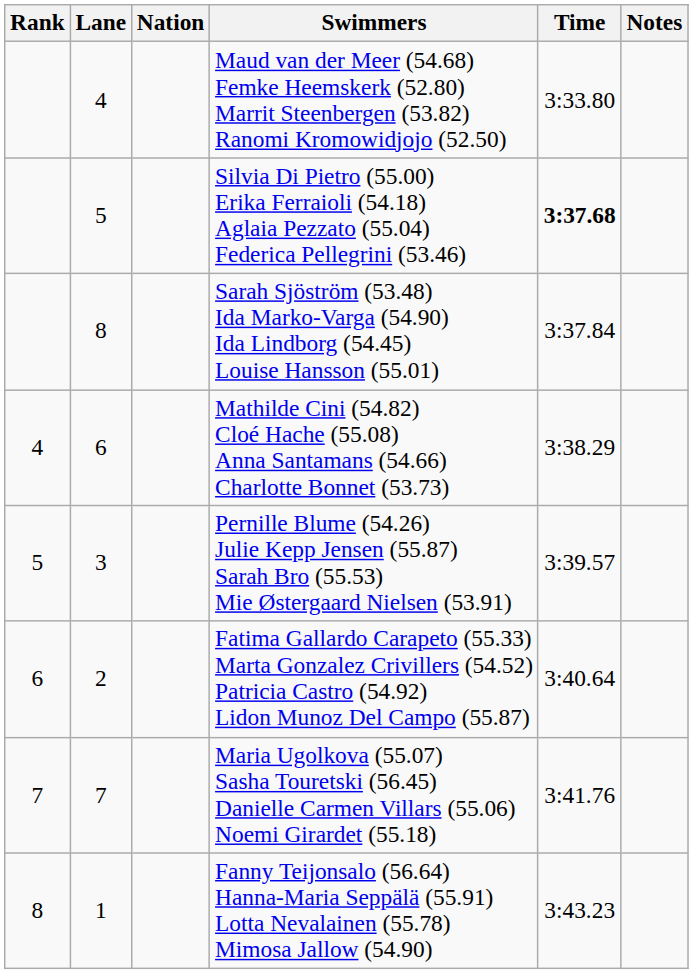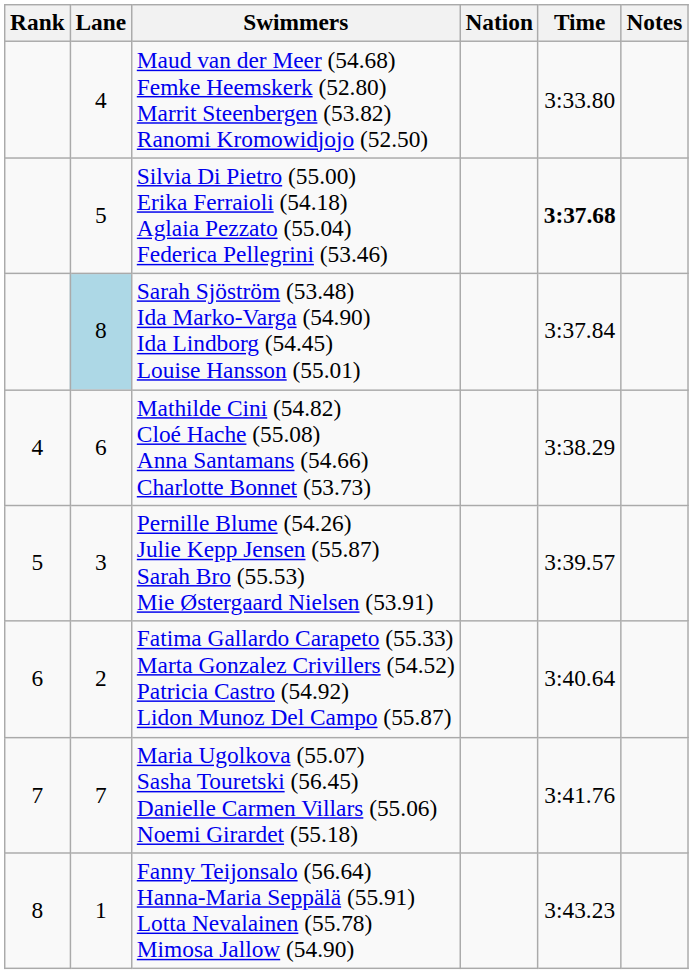 <table class="wikitable sortable" style="text-align:center">
 <tr>
 <th>Rank</th>
 <th>Lane</th>
+<th>Swimmers</th>
 <th>Nation</th>
-<th>Swimmers</th>
 <th>Time</th>
 <th>Notes</th>
 </tr>
 <tr>
 <td></td>
 <td>4</td>
+<td align=left><a href='#'>Maud van der Meer</a> (54.68)<br><a href='#'>Femke Heemskerk</a> (52.80)<br><a href='#'>Marrit Steenbergen</a> (53.82)<br><a href='#'>Ranomi Kromowidjojo</a> (52.50)</td>
 <td align=left></td>
-<td align=left><a href='#'>Maud van der Meer</a> (54.68)<br><a href='#'>Femke Heemskerk</a> (52.80)<br><a href='#'>Marrit Steenbergen</a> (53.82)<br><a href='#'>Ranomi Kromowidjojo</a> (52.50)</td>
 <td>3:33.80</td>
 <td></td>
 </tr>
 <tr>
 <td></td>
 <td>5</td>
+<td align=left><a href='#'>Silvia Di Pietro</a> (55.00)<br><a href='#'>Erika Ferraioli</a> (54.18)<br><a href='#'>Aglaia Pezzato</a> (55.04)<br><a href='#'>Federica Pellegrini</a> (53.46)</td>
 <td align=left></td>
-<td align=left><a href='#'>Silvia Di Pietro</a> (55.00)<br><a href='#'>Erika Ferraioli</a> (54.18)<br><a href='#'>Aglaia Pezzato</a> (55.04)<br><a href='#'>Federica Pellegrini</a> (53.46)</td>
 <td><strong>3:37.68</strong></td>
 <td></td>
 </tr>
 <tr>
 <td></td>
-<td>8</td>
+<td style="background: lightblue;">8</td>
+<td align=left><a href='#'>Sarah Sjöström</a> (53.48)<br><a href='#'>Ida Marko-Varga</a> (54.90)<br><a href='#'>Ida Lindborg</a> (54.45)<br><a href='#'>Louise Hansson</a> (55.01)</td>
 <td align=left></td>
-<td align=left><a href='#'>Sarah Sjöström</a> (53.48)<br><a href='#'>Ida Marko-Varga</a> (54.90)<br><a href='#'>Ida Lindborg</a> (54.45)<br><a href='#'>Louise Hansson</a> (55.01)</td>
 <td>3:37.84</td>
 <td></td>
 </tr>
 <tr>
 <td>4</td>
 <td>6</td>
+<td align=left><a href='#'>Mathilde Cini</a> (54.82)<br><a href='#'>Cloé Hache</a> (55.08)<br><a href='#'>Anna Santamans</a> (54.66)<br><a href='#'>Charlotte Bonnet</a> (53.73)</td>
 <td align=left></td>
-<td align=left><a href='#'>Mathilde Cini</a> (54.82)<br><a href='#'>Cloé Hache</a> (55.08)<br><a href='#'>Anna Santamans</a> (54.66)<br><a href='#'>Charlotte Bonnet</a> (53.73)</td>
 <td>3:38.29</td>
 <td></td>
 </tr>
 <tr>
 <td>5</td>
 <td>3</td>
+<td align=left><a href='#'>Pernille Blume</a> (54.26)<br><a href='#'>Julie Kepp Jensen</a> (55.87)<br><a href='#'>Sarah Bro</a> (55.53)<br> <a href='#'>Mie Østergaard Nielsen</a> (53.91)</td>
 <td align=left></td>
-<td align=left><a href='#'>Pernille Blume</a> (54.26)<br><a href='#'>Julie Kepp Jensen</a> (55.87)<br><a href='#'>Sarah Bro</a> (55.53)<br> <a href='#'>Mie Østergaard Nielsen</a> (53.91)</td>
 <td>3:39.57</td>
 <td></td>
 </tr>
 <tr>
 <td>6</td>
 <td>2</td>
+<td align=left><a href='#'>Fatima Gallardo Carapeto</a> (55.33)<br><a href='#'>Marta Gonzalez Crivillers</a> (54.52)<br><a href='#'>Patricia Castro</a> (54.92)<br><a href='#'>Lidon Munoz Del Campo</a> (55.87)</td>
 <td align=left></td>
-<td align=left><a href='#'>Fatima Gallardo Carapeto</a> (55.33)<br><a href='#'>Marta Gonzalez Crivillers</a> (54.52)<br><a href='#'>Patricia Castro</a> (54.92)<br><a href='#'>Lidon Munoz Del Campo</a> (55.87)</td>
 <td>3:40.64</td>
 <td></td>
 </tr>
 <tr>
 <td>7</td>
 <td>7</td>
+<td align=left><a href='#'>Maria Ugolkova</a> (55.07)<br><a href='#'>Sasha Touretski</a> (56.45)<br><a href='#'>Danielle Carmen Villars</a> (55.06)<br><a href='#'>Noemi Girardet</a> (55.18)</td>
 <td align=left></td>
-<td align=left><a href='#'>Maria Ugolkova</a> (55.07)<br><a href='#'>Sasha Touretski</a> (56.45)<br><a href='#'>Danielle Carmen Villars</a> (55.06)<br><a href='#'>Noemi Girardet</a> (55.18)</td>
 <td>3:41.76</td>
 <td></td>
 </tr>
 <tr>
 <td>8</td>
 <td>1</td>
+<td align=left><a href='#'>Fanny Teijonsalo</a> (56.64)<br><a href='#'>Hanna-Maria Seppälä</a> (55.91)<br><a href='#'>Lotta Nevalainen</a> (55.78)<br><a href='#'>Mimosa Jallow</a> (54.90)</td>
 <td align=left></td>
-<td align=left><a href='#'>Fanny Teijonsalo</a> (56.64)<br><a href='#'>Hanna-Maria Seppälä</a> (55.91)<br><a href='#'>Lotta Nevalainen</a> (55.78)<br><a href='#'>Mimosa Jallow</a> (54.90)</td>
 <td>3:43.23</td>
 <td></td>
 </tr>
 </table>
